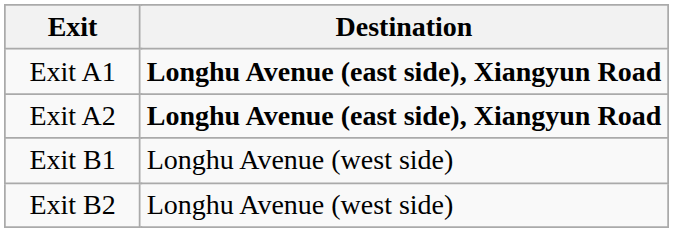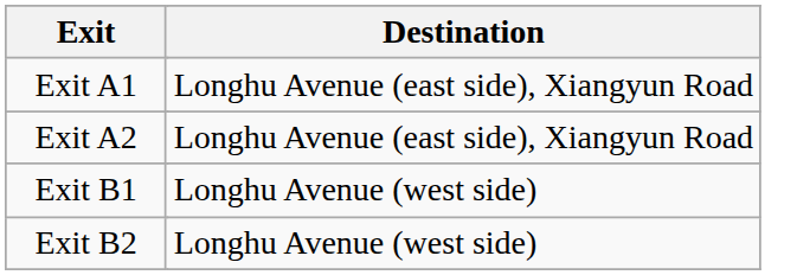 <table class="wikitable">
 <tr>
 <th style="width:70px" colspan="2">Exit</th>
 <th>Destination</th>
 </tr>
 <tr>
 <td align="center" colspan="2">Exit A1</td>
-<td><strong>Longhu Avenue (east side), Xiangyun Road</strong></td>
+<td>Longhu Avenue (east side), Xiangyun Road</td>
 </tr>
 <tr>
 <td align="center" colspan="2">Exit A2</td>
-<td><strong>Longhu Avenue (east side), Xiangyun Road</strong></td>
+<td>Longhu Avenue (east side), Xiangyun Road</td>
 </tr>
 <tr>
 <td align="center" colspan="2">Exit B1</td>
 <td>Longhu Avenue (west side)</td>
 </tr>
 <tr>
 <td align="center" colspan="2">Exit B2</td>
 <td>Longhu Avenue (west side)</td>
 </tr>
 </table>
